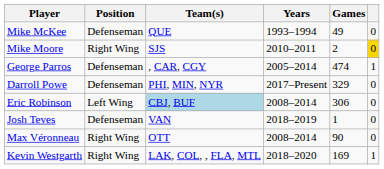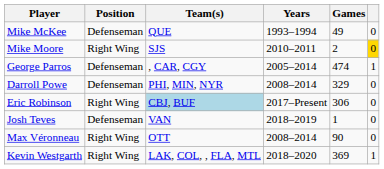 <table class="wikitable sortable">
 <tr>
 <th>Player</th>
 <th>Position</th>
 <th>Team(s)</th>
 <th>Years</th>
 <th>Games</th>
 <th><a href='#'></a></th>
 </tr>
 <tr>
 <td><a href='#'>Mike McKee</a></td>
 <td>Defenseman</td>
 <td><a href='#'>QUE</a></td>
 <td>1993–1994</td>
 <td>49</td>
 <td>0</td>
 </tr>
 <tr>
 <td><a href='#'>Mike Moore</a></td>
 <td>Right Wing</td>
 <td><a href='#'>SJS</a></td>
 <td>2010–2011</td>
 <td>2</td>
 <td style="background: gold;">0</td>
 </tr>
 <tr>
 <td><a href='#'>George Parros</a></td>
 <td>Defenseman</td>
 <td><span><strong></strong></span>, <a href='#'>CAR</a>, <a href='#'>CGY</a></td>
 <td>2005–2014</td>
 <td>474</td>
 <td>1</td>
 </tr>
 <tr>
 <td><a href='#'>Darroll Powe</a></td>
 <td>Defenseman</td>
 <td><a href='#'>PHI</a>, <a href='#'>MIN</a>, <a href='#'>NYR</a></td>
-<td>2017–Present</td>
+<td>2008–2014</td>
 <td>329</td>
 <td>0</td>
 </tr>
 <tr>
 <td><a href='#'>Eric Robinson</a></td>
-<td>Left Wing</td>
+<td>Right Wing</td>
 <td style="background: lightblue;"><a href='#'>CBJ</a>, <a href='#'>BUF</a></td>
-<td>2008–2014</td>
+<td>2017–Present</td>
 <td>306</td>
 <td>0</td>
 </tr>
 <tr>
 <td><a href='#'>Josh Teves</a></td>
 <td>Defenseman</td>
 <td><a href='#'>VAN</a></td>
 <td>2018–2019</td>
 <td>1</td>
 <td>0</td>
 </tr>
 <tr>
 <td><a href='#'>Max Véronneau</a></td>
 <td>Right Wing</td>
 <td><a href='#'>OTT</a></td>
 <td>2008–2014</td>
 <td>90</td>
 <td>0</td>
 </tr>
 <tr>
 <td><a href='#'>Kevin Westgarth</a></td>
 <td>Right Wing</td>
 <td><a href='#'>LAK</a>, <a href='#'>COL</a>, <span><strong></strong></span>, <a href='#'>FLA</a>, <a href='#'>MTL</a></td>
 <td>2018–2020</td>
-<td>169</td>
+<td>369</td>
 <td>1</td>
 </tr>
 </table>
